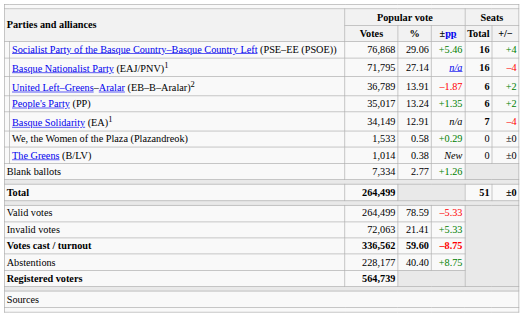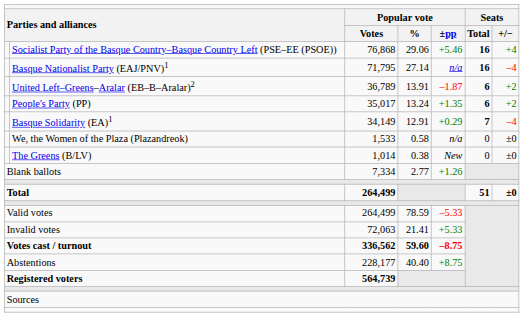 <table class="wikitable" style="text-align:right;">
 <tr>
 <td colspan="7"></td>
 </tr>
 <tr>
 <th style="text-align:left;" rowspan="2" colspan="2" width="525">Parties and alliances</th>
 <th colspan="3">Popular vote</th>
 <th colspan="2">Seats</th>
 </tr>
 <tr>
 <th width="75">Votes</th>
 <th width="45">%</th>
 <th width="45">±<a href='#'>pp</a></th>
 <th width="35">Total</th>
 <th width="35">+/−</th>
 </tr>
 <tr>
 <td width="1" style="color:inherit;background:"></td>
 <td align="left"><a href='#'>Socialist Party of the Basque Country–Basque Country Left</a> (PSE–EE (PSOE))</td>
 <td>76,868</td>
 <td>29.06</td>
 <td style="color:green;">+5.46</td>
 <td><strong>16</strong></td>
 <td style="color:green;">+4</td>
 </tr>
 <tr>
 <td style="color:inherit;background:"></td>
 <td align="left"><a href='#'>Basque Nationalist Party</a> (EAJ/PNV)<sup>1</sup></td>
 <td>71,795</td>
 <td>27.14</td>
 <td><em><a href='#'>n/a</a></em></td>
 <td><strong>16</strong></td>
 <td style="color:red;">–4</td>
 </tr>
 <tr>
 <td style="color:inherit;background:"></td>
 <td align="left"><a href='#'>United Left–Greens</a>–<a href='#'>Aralar</a> (EB–B–Aralar)<sup>2</sup></td>
 <td>36,789</td>
 <td>13.91</td>
 <td style="color:red;">–1.87</td>
 <td><strong>6</strong></td>
 <td style="color:green;">+2</td>
 </tr>
 <tr>
 <td style="color:inherit;background:"></td>
 <td align="left"><a href='#'>People's Party</a> (PP)</td>
 <td>35,017</td>
 <td>13.24</td>
 <td style="color:green;">+1.35</td>
 <td><strong>6</strong></td>
 <td style="color:green;">+2</td>
 </tr>
 <tr>
 <td style="color:inherit;background:"></td>
 <td align="left"><a href='#'>Basque Solidarity</a> (EA)<sup>1</sup></td>
 <td>34,149</td>
 <td>12.91</td>
-<td><em>n/a</em></td>
+<td style="color:green;">+0.29</td>
 <td><strong>7</strong></td>
 <td style="color:red;">–4</td>
 </tr>
 <tr>
 <td style="color:inherit;background:"></td>
 <td align="left">We, the Women of the Plaza (Plazandreok)</td>
 <td>1,533</td>
 <td>0.58</td>
-<td style="color:green;">+0.29</td>
+<td><em>n/a</em></td>
 <td>0</td>
 <td>±0</td>
 </tr>
 <tr>
 <td style="color:inherit;background:"></td>
 <td align="left"><a href='#'>The Greens</a> (B/LV)</td>
 <td>1,014</td>
 <td>0.38</td>
 <td><em>New</em></td>
 <td>0</td>
 <td>±0</td>
 </tr>
 <tr>
 <td align="left" colspan="2">Blank ballots</td>
 <td>7,334</td>
 <td>2.77</td>
 <td style="color:green;">+1.26</td>
 <td bgcolor="#E9E9E9" colspan="2"></td>
 </tr>
 <tr>
 <td colspan="7" bgcolor="#E9E9E9"></td>
 </tr>
 <tr style="font-weight:bold;">
 <td align="left" colspan="2">Total</td>
 <td>264,499</td>
 <td bgcolor="#E9E9E9" colspan="2"></td>
 <td>51</td>
 <td>±0</td>
 </tr>
 <tr>
 <td colspan="7" bgcolor="#E9E9E9"></td>
 </tr>
 <tr>
 <td align="left" colspan="2">Valid votes</td>
 <td>264,499</td>
 <td>78.59</td>
 <td style="color:red;">–5.33</td>
 <td bgcolor="#E9E9E9" colspan="2" rowspan="5"></td>
 </tr>
 <tr>
 <td align="left" colspan="2">Invalid votes</td>
 <td>72,063</td>
 <td>21.41</td>
 <td style="color:green;">+5.33</td>
 </tr>
 <tr style="font-weight:bold;">
 <td align="left" colspan="2">Votes cast / turnout</td>
 <td>336,562</td>
 <td>59.60</td>
 <td style="color:red;">–8.75</td>
 </tr>
 <tr>
 <td align="left" colspan="2">Abstentions</td>
 <td>228,177</td>
 <td>40.40</td>
 <td style="color:green;">+8.75</td>
 </tr>
 <tr style="font-weight:bold;">
 <td align="left" colspan="2">Registered voters</td>
 <td>564,739</td>
 <td bgcolor="#E9E9E9" colspan="2"></td>
 </tr>
 <tr>
 <td colspan="7" bgcolor="#E9E9E9"></td>
 </tr>
 <tr>
 <td align="left" colspan="7">Sources</td>
 </tr>
 <tr>
 <td colspan="7" style="text-align:left; max-width:790px;"></td>
 </tr>
 </table>
